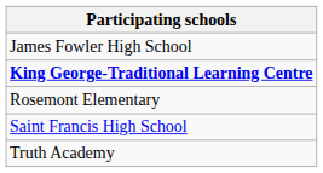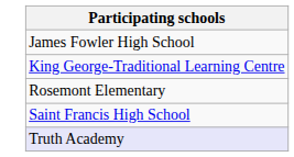 <table class="wikitable" align=right>
 <tr>
 <th>Participating schools</th>
 </tr>
 <tr>
 <td>James Fowler High School</td>
 </tr>
 <tr>
-<td><strong><a href='#'>King George-Traditional Learning Centre</a></strong></td>
+<td><a href='#'>King George-Traditional Learning Centre</a></td>
 </tr>
 <tr>
 <td>Rosemont Elementary</td>
 </tr>
 <tr>
 <td><a href='#'>Saint Francis High School</a></td>
 </tr>
 <tr>
-<td>Truth Academy</td>
+<td style="background: lavender;">Truth Academy</td>
 </tr>
 </table>
